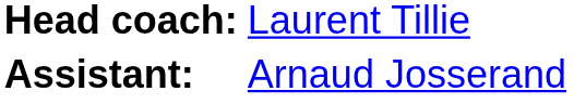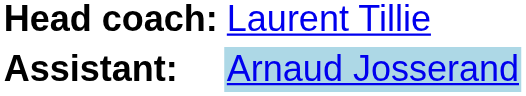 <table>
 <tr>
 <td><strong>Head coach:</strong></td>
 <td><a href='#'>Laurent Tillie</a></td>
 </tr>
 <tr>
 <td><strong>Assistant:</strong></td>
-<td><a href='#'>Arnaud Josserand</a></td>
+<td style="background: lightblue;"><a href='#'>Arnaud Josserand</a></td>
 </tr>
 </table>
